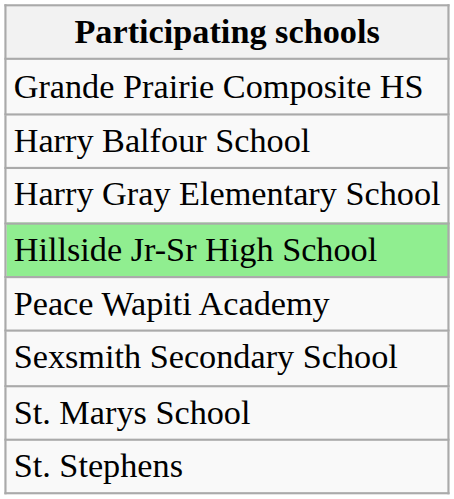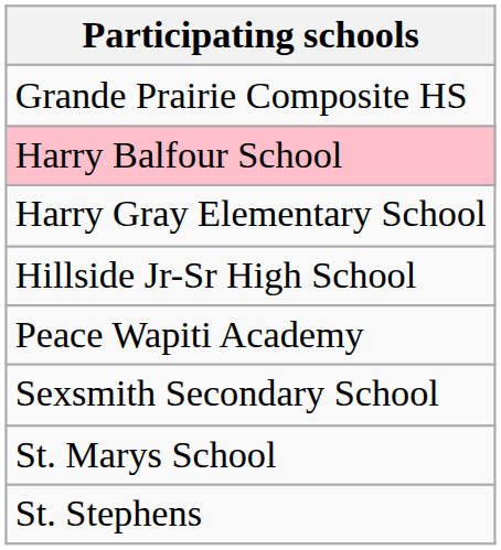 <table class="wikitable" align=right>
 <tr>
 <th>Participating schools</th>
 </tr>
 <tr>
 <td>Grande Prairie Composite HS</td>
 </tr>
 <tr>
-<td>Harry Balfour School</td>
+<td style="background: pink;">Harry Balfour School</td>
 </tr>
 <tr>
 <td>Harry Gray Elementary School</td>
 </tr>
 <tr>
-<td style="background: lightgreen;">Hillside Jr-Sr High School</td>
+<td>Hillside Jr-Sr High School</td>
 </tr>
 <tr>
 <td>Peace Wapiti Academy</td>
 </tr>
 <tr>
 <td>Sexsmith Secondary School</td>
 </tr>
 <tr>
 <td>St. Marys School</td>
 </tr>
 <tr>
 <td>St. Stephens</td>
 </tr>
 </table>
